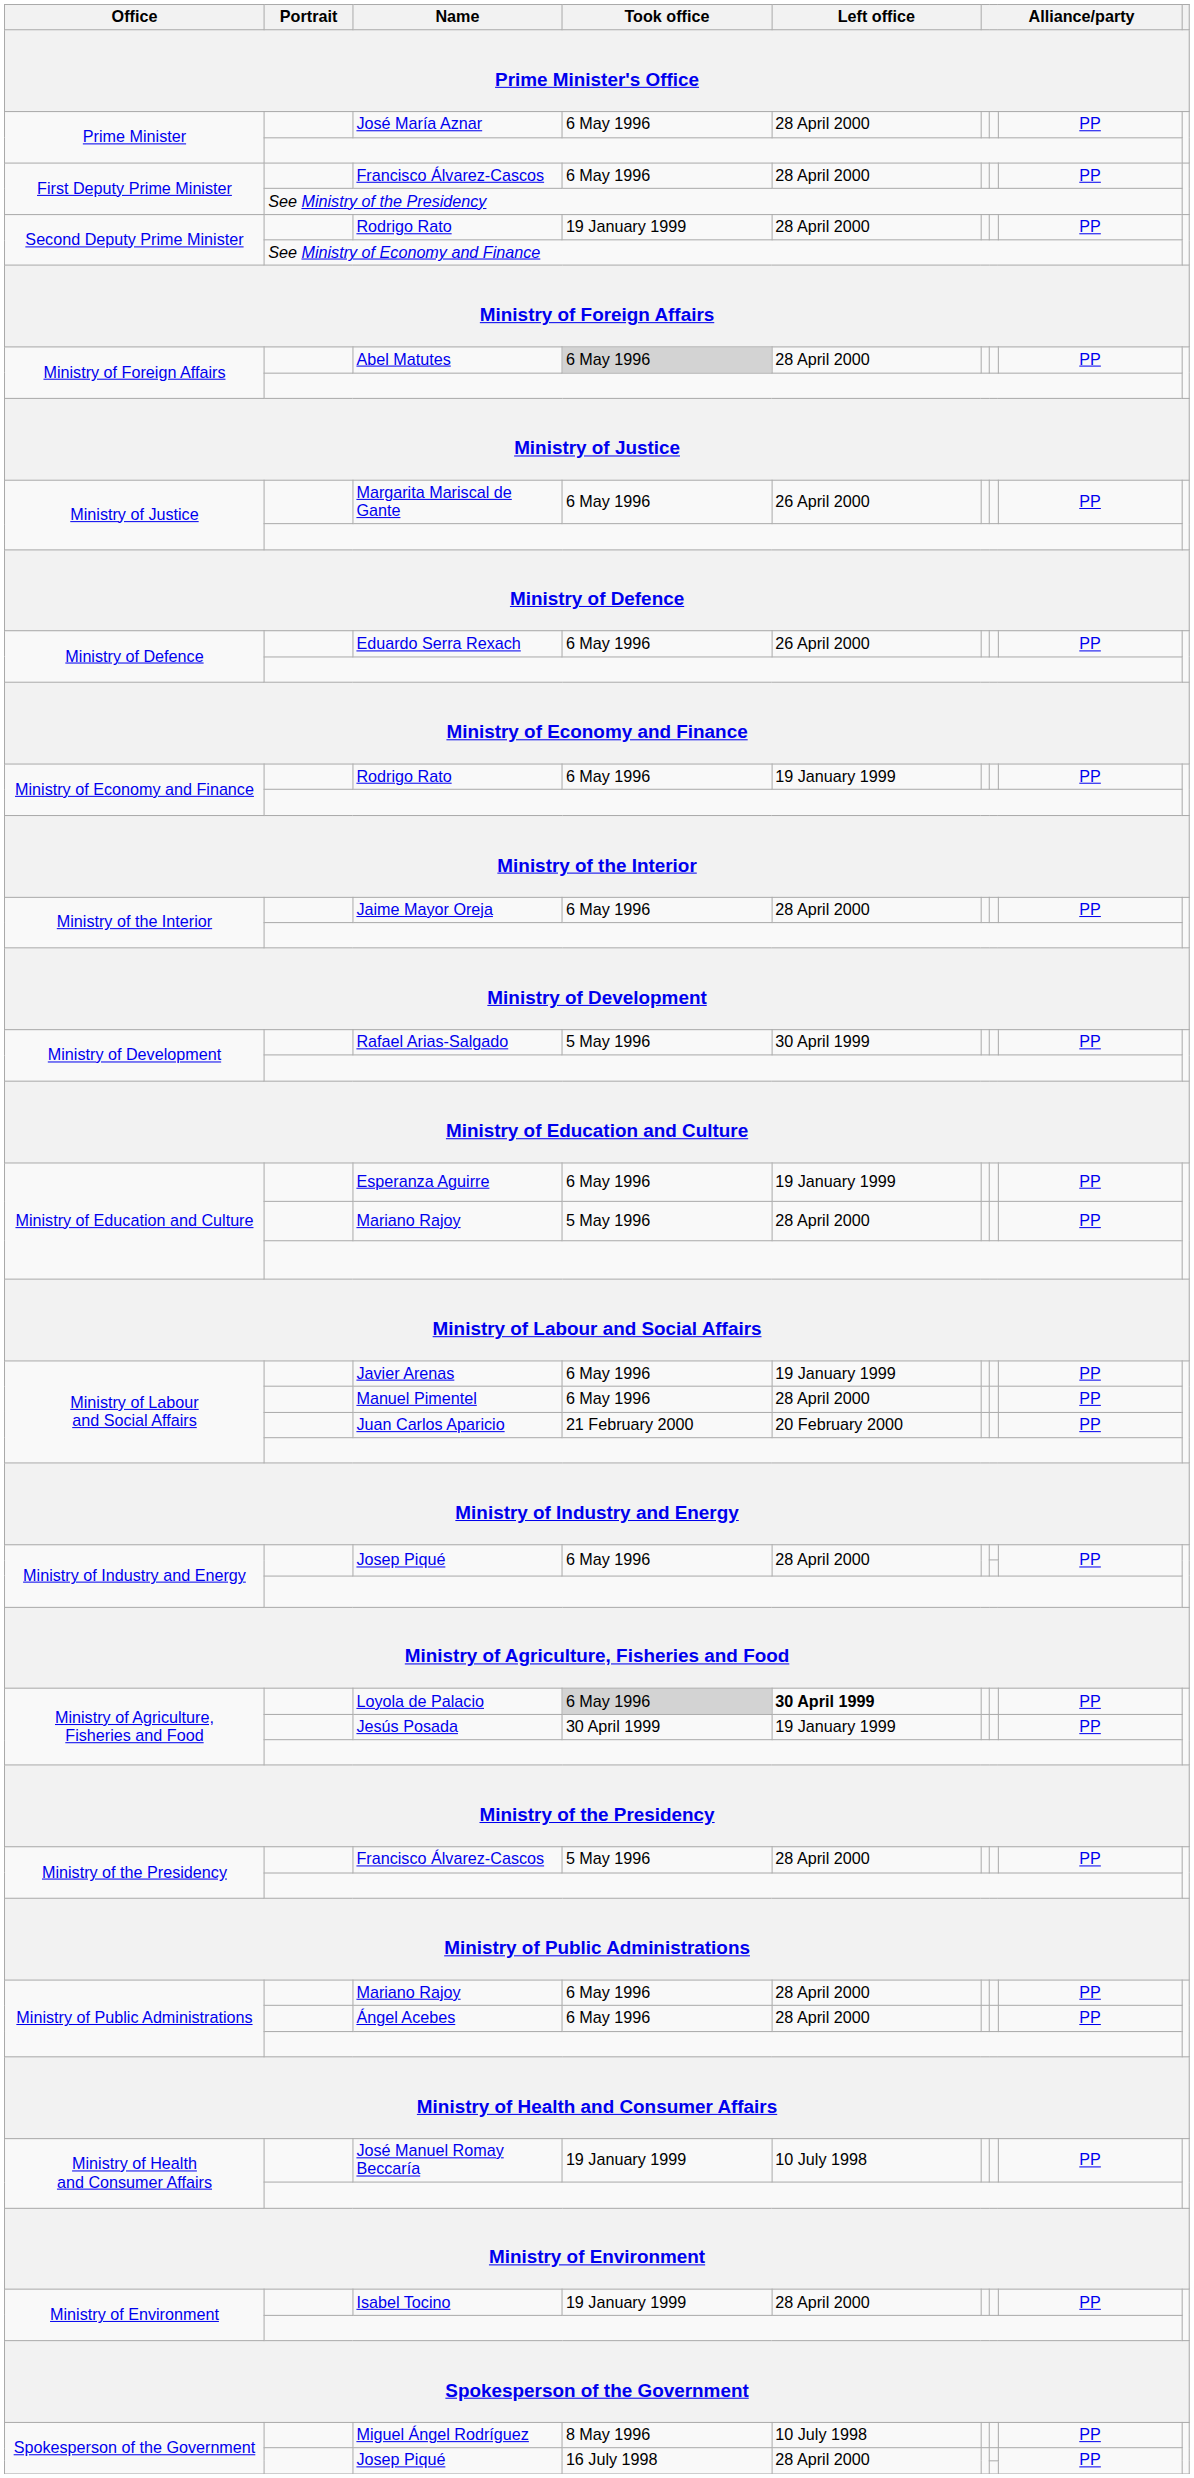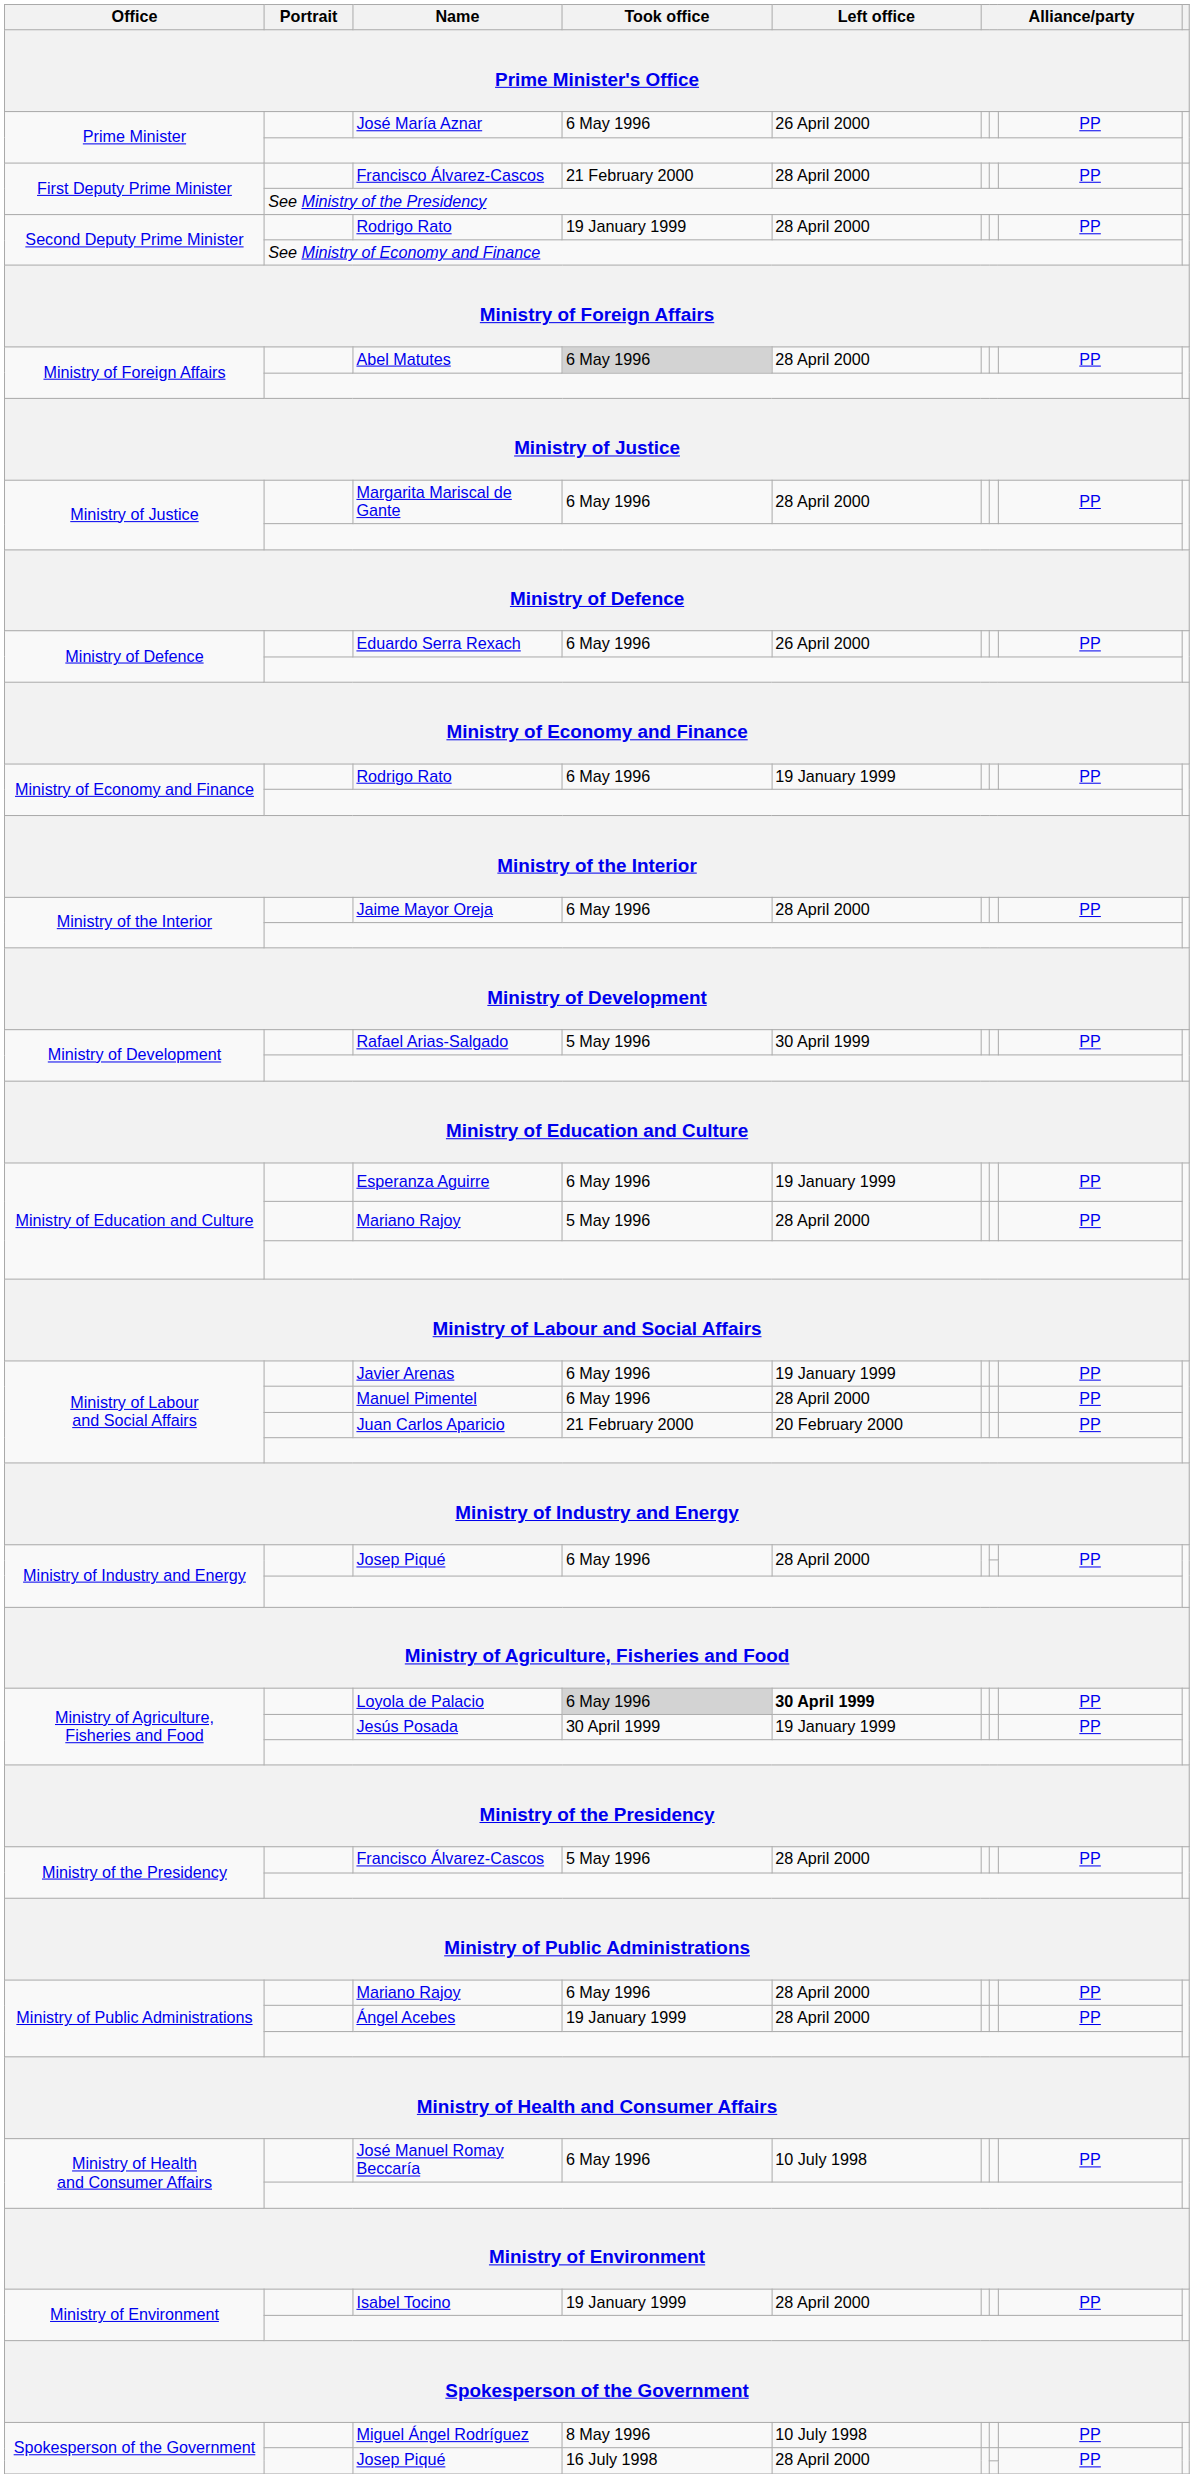 <table class="wikitable" style="line-height:18px;">
 <tr>
 <th scope="col">Office<br></th>
 <th scope="col">Portrait</th>
 <th scope="col">Name</th>
 <th scope="col">Took office</th>
 <th scope="col">Left office</th>
 <th colspan="3" scope="col">Alliance/party</th>
 <th></th>
 </tr>
 <tr>
 <th colspan="9"><br><h3><a href='#'>Prime Minister's Office</a></h3></th>
 </tr>
 <tr>
 <td align="center" rowspan="2" width="250"><a href='#'>Prime Minister</a><br></td>
 <td width="80"></td>
 <td width="200"><a href='#'>José María Aznar</a></td>
 <td>6 May 1996</td>
-<td>28 April 2000</td>
+<td width="200">26 April 2000</td>
 <td width="1" style="background-color:"></td>
 <td width="1" style="background-color:"></td>
 <td width="175" align="center"><a href='#'>PP</a></td>
 <td align="center" rowspan="2"><br><br></td>
 </tr>
 <tr>
 <td colspan="7"><br></td>
 </tr>
 <tr>
 <td align="center" rowspan="2"><a href='#'>First Deputy Prime Minister</a><br></td>
 <td></td>
 <td><a href='#'>Francisco Álvarez-Cascos</a></td>
-<td>6 May 1996</td>
+<td>21 February 2000</td>
 <td>28 April 2000</td>
 <td style="background-color:"></td>
 <td style="background-color:"></td>
 <td align="center"><a href='#'>PP</a></td>
 <td align="center" rowspan="2"></td>
 </tr>
 <tr>
 <td colspan="7"><em>See <a href='#'>Ministry of the Presidency</a></em></td>
 </tr>
 <tr>
 <td align="center" rowspan="2"><a href='#'>Second Deputy Prime Minister</a><br></td>
 <td></td>
 <td><a href='#'>Rodrigo Rato</a></td>
 <td>19 January 1999</td>
 <td>28 April 2000</td>
 <td style="background-color:"></td>
 <td style="background-color:"></td>
 <td align="center"><a href='#'>PP</a></td>
 <td align="center" rowspan="2"></td>
 </tr>
 <tr>
 <td colspan="7"><em>See <a href='#'>Ministry of Economy and Finance</a></em></td>
 </tr>
 <tr>
 <th colspan="9"><br><h3><a href='#'>Ministry of Foreign Affairs</a></h3></th>
 </tr>
 <tr>
 <td align="center" rowspan="2"><a href='#'>Ministry of Foreign Affairs</a><br></td>
 <td></td>
 <td><a href='#'>Abel Matutes</a></td>
 <td style="background: lightgrey;">6 May 1996</td>
 <td>28 April 2000</td>
 <td style="background-color:"></td>
 <td style="background-color:"></td>
 <td align="center"><a href='#'>PP</a></td>
 <td align="center" rowspan="2"><br><br></td>
 </tr>
 <tr>
 <td colspan="7"><br> </td>
 </tr>
 <tr>
 <th colspan="9"><br><h3><a href='#'>Ministry of Justice</a></h3></th>
 </tr>
 <tr>
 <td align="center" rowspan="2"><a href='#'>Ministry of Justice</a><br></td>
 <td></td>
 <td><a href='#'>Margarita Mariscal de Gante</a></td>
 <td>6 May 1996</td>
-<td width="200">26 April 2000</td>
+<td>28 April 2000</td>
 <td style="background-color:"></td>
 <td style="background-color:"></td>
 <td align="center"><a href='#'>PP</a><br></td>
 <td align="center" rowspan="2"><br></td>
 </tr>
 <tr>
 <td colspan="7"><br></td>
 </tr>
 <tr>
 <th colspan="9"><br><h3><a href='#'>Ministry of Defence</a></h3></th>
 </tr>
 <tr>
 <td align="center" rowspan="2"><a href='#'>Ministry of Defence</a><br></td>
 <td></td>
 <td><a href='#'>Eduardo Serra Rexach</a></td>
 <td>6 May 1996</td>
 <td width="200">26 April 2000</td>
 <td style="background-color:"></td>
 <td style="background-color:"></td>
 <td align="center"><a href='#'>PP</a><br></td>
 <td align="center" rowspan="2"><br><br></td>
 </tr>
 <tr>
 <td colspan="7"><br></td>
 </tr>
 <tr>
 <th colspan="9"><br><h3><a href='#'>Ministry of Economy and Finance</a></h3></th>
 </tr>
 <tr>
 <td align="center" rowspan="2"><a href='#'>Ministry of Economy and Finance</a><br></td>
 <td></td>
 <td><a href='#'>Rodrigo Rato</a></td>
 <td>6 May 1996</td>
 <td>19 January 1999</td>
 <td style="background-color:"></td>
 <td style="background-color:"></td>
 <td align="center"><a href='#'>PP</a></td>
 <td align="center" rowspan="2"><br><br></td>
 </tr>
 <tr>
 <td colspan="7"><br></td>
 </tr>
 <tr>
 <th colspan="9"><br><h3><a href='#'>Ministry of the Interior</a></h3></th>
 </tr>
 <tr>
 <td align="center" rowspan="2"><a href='#'>Ministry of the Interior</a><br></td>
 <td></td>
 <td><a href='#'>Jaime Mayor Oreja</a></td>
 <td>6 May 1996</td>
 <td>28 April 2000</td>
 <td style="background-color:"></td>
 <td style="background-color:"></td>
 <td align="center"><a href='#'>PP</a></td>
 <td align="center" rowspan="2"><br></td>
 </tr>
 <tr>
 <td colspan="7"><br></td>
 </tr>
 <tr>
 <th colspan="9"><br><h3><a href='#'>Ministry of Development</a></h3></th>
 </tr>
 <tr>
 <td align="center" rowspan="2"><a href='#'>Ministry of Development</a><br></td>
 <td></td>
 <td><a href='#'>Rafael Arias-Salgado</a></td>
 <td width="200">5 May 1996</td>
 <td>30 April 1999</td>
 <td style="background-color:"></td>
 <td style="background-color:"></td>
 <td align="center"><a href='#'>PP</a></td>
 <td align="center" rowspan="2"><br><br></td>
 </tr>
 <tr>
 <td colspan="7"><br></td>
 </tr>
 <tr>
 <th colspan="9"><br><h3><a href='#'>Ministry of Education and Culture</a></h3></th>
 </tr>
 <tr>
 <td align="center" rowspan="3"><a href='#'>Ministry of Education and Culture</a><br></td>
 <td></td>
 <td><a href='#'>Esperanza Aguirre</a></td>
 <td>6 May 1996</td>
 <td>19 January 1999</td>
 <td style="background-color:"></td>
 <td style="background-color:"></td>
 <td align="center"><a href='#'>PP</a></td>
 <td align="center" rowspan="3"><br><br><br><br><br><br></td>
 </tr>
 <tr>
 <td></td>
 <td><a href='#'>Mariano Rajoy</a></td>
 <td width="200">5 May 1996</td>
 <td>28 April 2000</td>
 <td style="background-color:"></td>
 <td style="background-color:"></td>
 <td align="center"><a href='#'>PP</a></td>
 </tr>
 <tr>
 <td colspan="7"><br> </td>
 </tr>
 <tr>
 <th colspan="9"><br><h3><a href='#'>Ministry of Labour and Social Affairs</a></h3></th>
 </tr>
 <tr>
 <td align="center" rowspan="4"><a href='#'>Ministry of Labour<br>and Social Affairs</a><br></td>
 <td></td>
 <td><a href='#'>Javier Arenas</a></td>
 <td>6 May 1996</td>
 <td>19 January 1999</td>
 <td style="background-color:"></td>
 <td style="background-color:"></td>
 <td align="center"><a href='#'>PP</a></td>
 <td align="center" rowspan="4"><br><br><br></td>
 </tr>
 <tr>
 <td></td>
 <td><a href='#'>Manuel Pimentel</a></td>
 <td>6 May 1996</td>
 <td>28 April 2000</td>
 <td style="background-color:"></td>
 <td style="background-color:"></td>
 <td align="center"><a href='#'>PP</a></td>
 </tr>
 <tr>
 <td></td>
 <td><a href='#'>Juan Carlos Aparicio</a></td>
 <td>21 February 2000</td>
 <td>20 February 2000<br></td>
 <td style="background-color:"></td>
 <td style="background-color:"></td>
 <td align="center"><a href='#'>PP</a></td>
 </tr>
 <tr>
 <td colspan="7"><br></td>
 </tr>
 <tr>
 <th colspan="9"><br><h3><a href='#'>Ministry of Industry and Energy</a></h3></th>
 </tr>
 <tr>
 <td align="center" rowspan="3"><a href='#'>Ministry of Industry and Energy</a><br></td>
 <td rowspan="2"></td>
 <td rowspan="2"><a href='#'>Josep Piqué</a></td>
 <td rowspan="2">6 May 1996</td>
 <td rowspan="2">28 April 2000</td>
 <td rowspan="2" style="background-color:"></td>
 <td style="background-color:"></td>
 <td align="center" rowspan="2"><a href='#'>PP</a><br></td>
 <td align="center" rowspan="3"><br><br><br></td>
 </tr>
 <tr>
 <td style="background-color:"></td>
 </tr>
 <tr>
 <td colspan="7"><br> </td>
 </tr>
 <tr>
 <th colspan="9"><br><h3><a href='#'>Ministry of Agriculture, Fisheries and Food</a></h3></th>
 </tr>
 <tr>
 <td align="center" rowspan="3"><a href='#'>Ministry of Agriculture,<br>Fisheries and Food</a><br></td>
 <td></td>
 <td><a href='#'>Loyola de Palacio</a></td>
 <td style="background: lightgrey;">6 May 1996</td>
 <td><strong>30 April 1999</strong></td>
 <td style="background-color:"></td>
 <td style="background-color:"></td>
 <td align="center"><a href='#'>PP</a></td>
 <td align="center" rowspan="3"><br><br></td>
 </tr>
 <tr>
 <td></td>
 <td><a href='#'>Jesús Posada</a></td>
 <td>30 April 1999</td>
 <td>19 January 1999</td>
 <td style="background-color:"></td>
 <td style="background-color:"></td>
 <td align="center"><a href='#'>PP</a></td>
 </tr>
 <tr>
 <td colspan="7"><br> </td>
 </tr>
 <tr>
 <th colspan="9"><br><h3><a href='#'>Ministry of the Presidency</a></h3></th>
 </tr>
 <tr>
 <td align="center" rowspan="2"><a href='#'>Ministry of the Presidency</a><br></td>
 <td></td>
 <td><a href='#'>Francisco Álvarez-Cascos</a></td>
 <td width="200">5 May 1996</td>
 <td>28 April 2000</td>
 <td style="background-color:"></td>
 <td style="background-color:"></td>
 <td align="center"><a href='#'>PP</a></td>
 <td align="center" rowspan="2"><br><br></td>
 </tr>
 <tr>
 <td colspan="7"><br></td>
 </tr>
 <tr>
 <th colspan="9"><br><h3><a href='#'>Ministry of Public Administrations</a></h3></th>
 </tr>
 <tr>
 <td align="center" rowspan="3"><a href='#'>Ministry of Public Administrations</a><br></td>
 <td></td>
 <td><a href='#'>Mariano Rajoy</a></td>
 <td>6 May 1996</td>
 <td>28 April 2000</td>
 <td style="background-color:"></td>
 <td style="background-color:"></td>
 <td align="center"><a href='#'>PP</a></td>
 <td align="center" rowspan="3"><br><br><br></td>
 </tr>
 <tr>
 <td></td>
 <td><a href='#'>Ángel Acebes</a></td>
-<td>6 May 1996</td>
+<td>19 January 1999</td>
 <td>28 April 2000</td>
 <td style="background-color:"></td>
 <td style="background-color:"></td>
 <td align="center"><a href='#'>PP</a></td>
 </tr>
 <tr>
 <td colspan="7"><br></td>
 </tr>
 <tr>
 <th colspan="9"><br><h3><a href='#'>Ministry of Health and Consumer Affairs</a></h3></th>
 </tr>
 <tr>
 <td align="center" rowspan="2"><a href='#'>Ministry of Health<br>and Consumer Affairs</a><br></td>
 <td></td>
 <td><a href='#'>José Manuel Romay Beccaría</a></td>
-<td>19 January 1999</td>
+<td>6 May 1996</td>
 <td>10 July 1998<br></td>
 <td style="background-color:"></td>
 <td style="background-color:"></td>
 <td align="center"><a href='#'>PP</a></td>
 <td align="center" rowspan="2"><br></td>
 </tr>
 <tr>
 <td colspan="7"><br></td>
 </tr>
 <tr>
 <th colspan="9"><br><h3><a href='#'>Ministry of Environment</a></h3></th>
 </tr>
 <tr>
 <td align="center" rowspan="2"><a href='#'>Ministry of Environment</a><br></td>
 <td></td>
 <td><a href='#'>Isabel Tocino</a></td>
 <td>19 January 1999</td>
 <td>28 April 2000</td>
 <td style="background-color:"></td>
 <td style="background-color:"></td>
 <td align="center"><a href='#'>PP</a></td>
 <td align="center" rowspan="2"><br></td>
 </tr>
 <tr>
 <td colspan="7"><br></td>
 </tr>
 <tr>
 <th colspan="9"><br><h3><a href='#'>Spokesperson of the Government</a></h3></th>
 </tr>
 <tr>
 <td align="center" rowspan="3"><a href='#'>Spokesperson of the Government</a><br></td>
 <td></td>
 <td><a href='#'>Miguel Ángel Rodríguez</a><br></td>
 <td>8 May 1996</td>
 <td>10 July 1998<br></td>
 <td style="background-color:"></td>
 <td style="background-color:"></td>
 <td align="center"><a href='#'>PP</a></td>
 <td align="center" rowspan="3"><br></td>
 </tr>
 <tr>
 <td rowspan="2"></td>
 <td rowspan="2"><a href='#'>Josep Piqué</a></td>
 <td rowspan="2">16 July 1998</td>
 <td rowspan="2">28 April 2000</td>
 <td rowspan="2" style="background-color:"></td>
 <td style="background-color:"></td>
 <td align="center" rowspan="2"><a href='#'>PP</a><br></td>
 </tr>
 <tr>
 <td style="background-color:"></td>
 </tr>
 </table>
